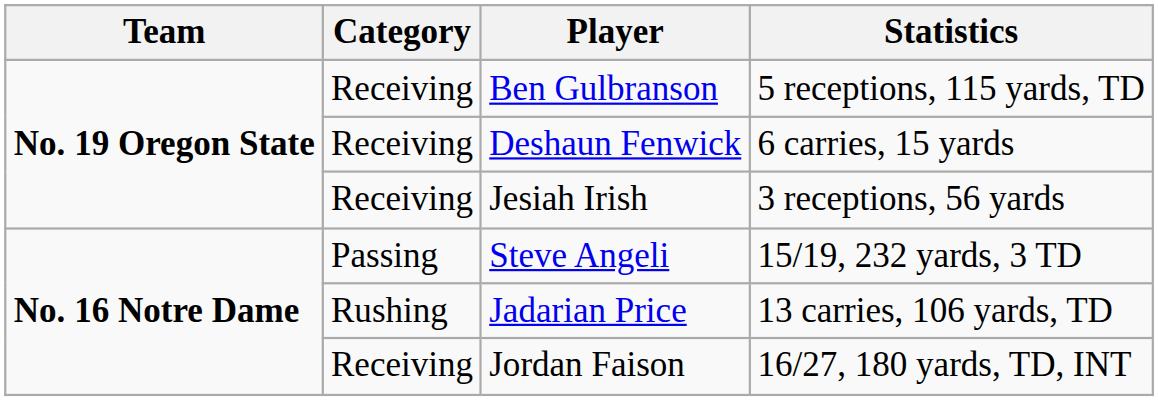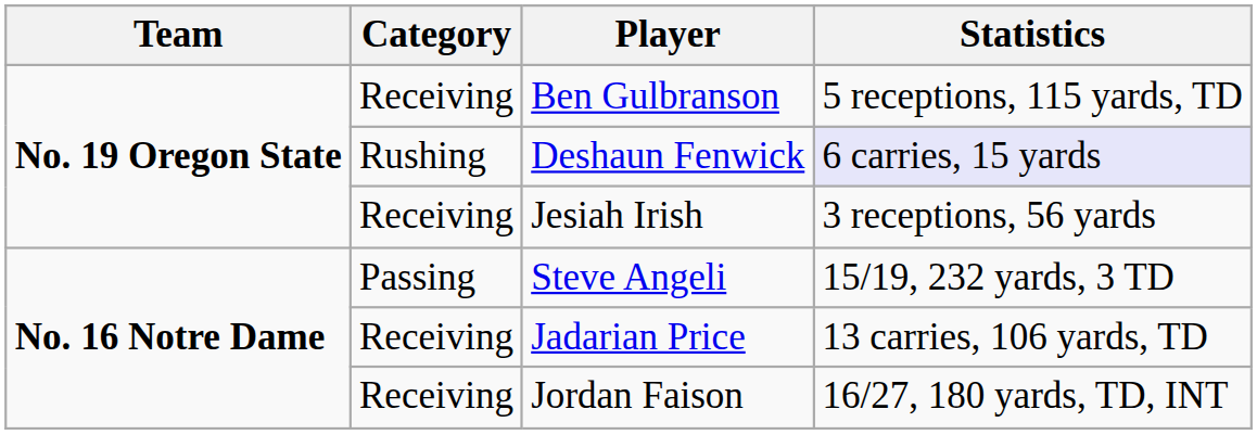 <table class="wikitable" style="float: right;">
 <tr>
 <th>Team</th>
 <th>Category</th>
 <th>Player</th>
 <th>Statistics</th>
 </tr>
 <tr>
 <td rowspan=3><strong>No. 19 Oregon State</strong></td>
 <td>Receiving</td>
 <td><a href='#'>Ben Gulbranson</a></td>
 <td>5 receptions, 115 yards, TD</td>
 </tr>
 <tr>
-<td>Receiving</td>
+<td>Rushing</td>
 <td><a href='#'>Deshaun Fenwick</a></td>
-<td>6 carries, 15 yards</td>
+<td style="background: lavender;">6 carries, 15 yards</td>
 </tr>
 <tr>
 <td>Receiving</td>
 <td>Jesiah Irish</td>
 <td>3 receptions, 56 yards</td>
 </tr>
 <tr>
 <td rowspan=3><strong>No. 16 Notre Dame</strong></td>
 <td>Passing</td>
 <td><a href='#'>Steve Angeli</a></td>
 <td>15/19, 232 yards, 3 TD</td>
 </tr>
 <tr>
-<td>Rushing</td>
+<td>Receiving</td>
 <td><a href='#'>Jadarian Price</a></td>
 <td>13 carries, 106 yards, TD</td>
 </tr>
 <tr>
 <td>Receiving</td>
 <td>Jordan Faison</td>
 <td>16/27, 180 yards, TD, INT</td>
 </tr>
 </table>
